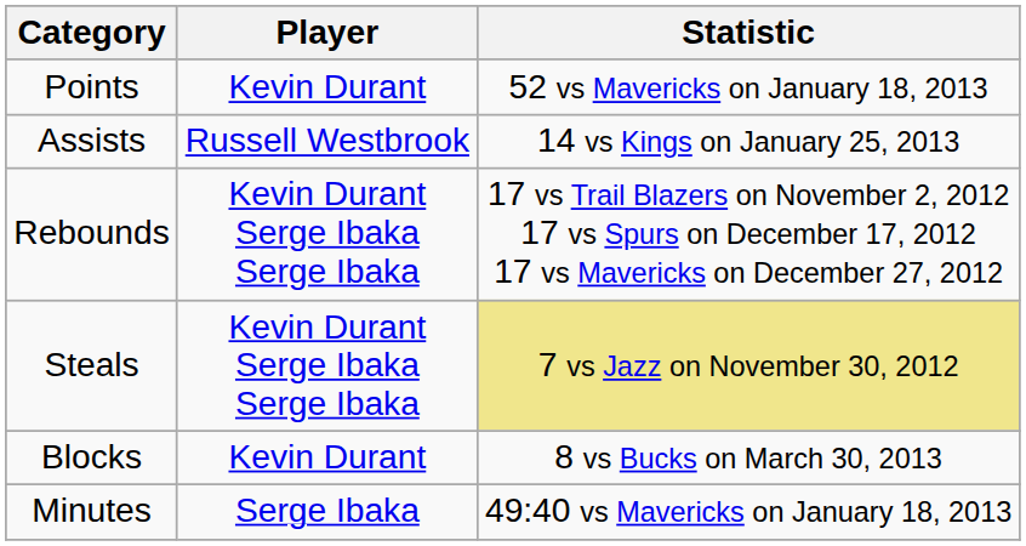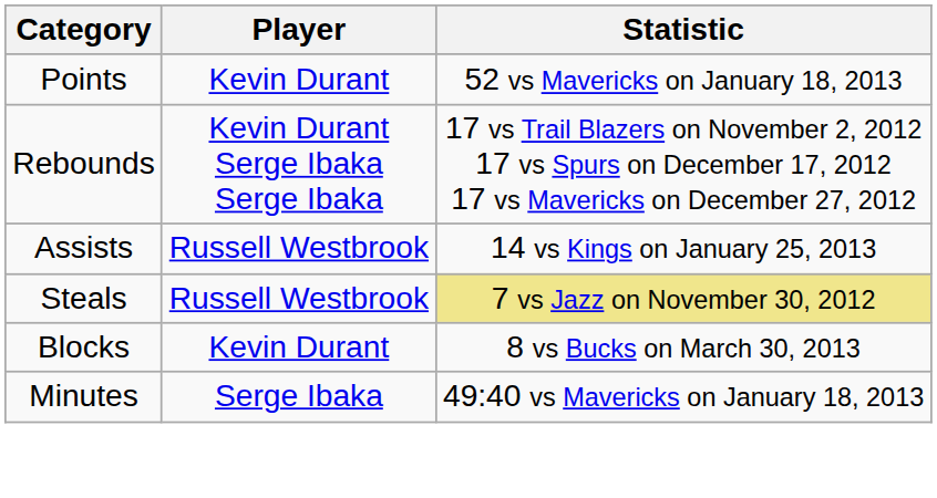 <table class="wikitable sortable sortable" style="text-align: center">
 <tr>
 <th>Category</th>
 <th>Player</th>
 <th>Statistic</th>
 </tr>
 <tr style="text-align: center">
 <td>Points</td>
 <td><a href='#'>Kevin Durant</a></td>
 <td>52 <small>vs <a href='#'>Mavericks</a> on January 18, 2013</small></td>
 </tr>
 <tr style="text-align: center">
+<td>Rebounds</td>
+<td><a href='#'>Kevin Durant</a><br><a href='#'>Serge Ibaka</a><br><a href='#'>Serge Ibaka</a></td>
+<td>17 <small>vs <a href='#'>Trail Blazers</a> on November 2, 2012</small><br>17 <small>vs <a href='#'>Spurs</a> on December 17, 2012</small><br>17 <small>vs <a href='#'>Mavericks</a> on December 27, 2012</small></td>
+</tr>
+<tr style="text-align: center">
 <td>Assists</td>
 <td><a href='#'>Russell Westbrook</a></td>
 <td>14 <small>vs <a href='#'>Kings</a> on January 25, 2013</small></td>
 </tr>
 <tr style="text-align: center">
-<td>Rebounds</td>
-<td><a href='#'>Kevin Durant</a><br><a href='#'>Serge Ibaka</a><br><a href='#'>Serge Ibaka</a></td>
-<td>17 <small>vs <a href='#'>Trail Blazers</a> on November 2, 2012</small><br>17 <small>vs <a href='#'>Spurs</a> on December 17, 2012</small><br>17 <small>vs <a href='#'>Mavericks</a> on December 27, 2012</small></td>
-</tr>
-<tr style="text-align: center">
 <td>Steals</td>
-<td><a href='#'>Kevin Durant</a><br><a href='#'>Serge Ibaka</a><br><a href='#'>Serge Ibaka</a></td>
+<td><a href='#'>Russell Westbrook</a></td>
 <td style="background: khaki;">7 <small>vs <a href='#'>Jazz</a> on November 30, 2012</small></td>
 </tr>
 <tr style="text-align: center">
 <td>Blocks</td>
 <td><a href='#'>Kevin Durant</a></td>
 <td>8 <small>vs <a href='#'>Bucks</a> on March 30, 2013</small></td>
 </tr>
 <tr style="text-align: center">
 <td>Minutes</td>
 <td><a href='#'>Serge Ibaka</a></td>
 <td>49:40 <small>vs <a href='#'>Mavericks</a> on January 18, 2013</small></td>
 </tr>
 </table>
